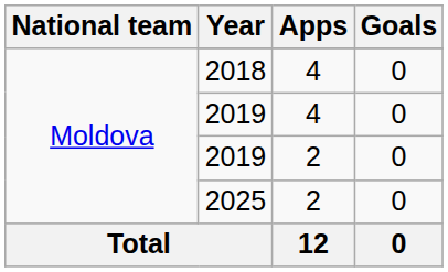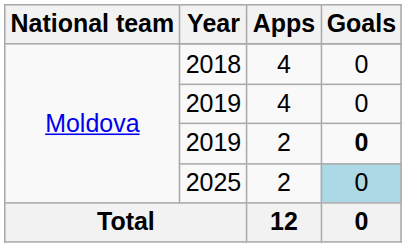 <table class="wikitable" style="text-align:center">
 <tr>
 <th>National team</th>
 <th>Year</th>
 <th>Apps</th>
 <th>Goals</th>
 </tr>
 <tr>
 <td rowspan="5"><a href='#'>Moldova</a></td>
 </tr>
 <tr>
 <td>2018</td>
 <td>4</td>
 <td>0</td>
 </tr>
 <tr>
 <td>2019</td>
 <td>4</td>
 <td>0</td>
 </tr>
 <tr>
 <td>2019</td>
 <td>2</td>
-<td>0</td>
+<td><strong>0</strong></td>
 </tr>
 <tr>
 <td>2025</td>
 <td>2</td>
-<td>0</td>
+<td style="background: lightblue;">0</td>
 </tr>
 <tr>
 <th colspan=2>Total</th>
 <th>12</th>
 <th>0</th>
 </tr>
 </table>
